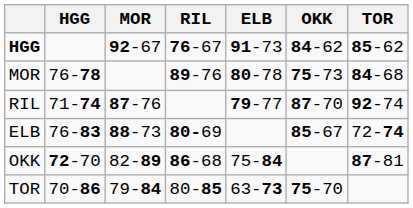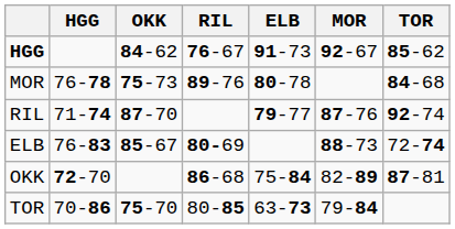 <table class="wikitable">
 <tr>
 <th></th>
 <th> HGG</th>
-<th> MOR</th>
+<th> OKK</th>
 <th> RIL</th>
 <th> ELB</th>
-<th> OKK</th>
+<th> MOR</th>
 <th> TOR</th>
 </tr>
 <tr>
 <td><strong> HGG</strong></td>
 <td></td>
-<td><strong>92</strong>-67</td>
+<td><strong>84</strong>-62</td>
 <td><strong>76</strong>-67</td>
 <td><strong>91</strong>-73</td>
-<td><strong>84</strong>-62</td>
+<td><strong>92</strong>-67</td>
 <td><strong>85</strong>-62</td>
 </tr>
 <tr>
 <td> MOR</td>
 <td>76-<strong>78</strong></td>
-<td></td>
+<td><strong>75</strong>-73</td>
 <td><strong>89</strong>-76</td>
 <td><strong>80</strong>-78</td>
-<td><strong>75</strong>-73</td>
+<td></td>
 <td><strong>84</strong>-68</td>
 </tr>
 <tr>
 <td> RIL</td>
 <td>71-<strong>74</strong></td>
-<td><strong>87</strong>-76</td>
+<td><strong>87</strong>-70</td>
 <td></td>
 <td><strong>79</strong>-77</td>
-<td><strong>87</strong>-70</td>
+<td><strong>87</strong>-76</td>
 <td><strong>92</strong>-74</td>
 </tr>
 <tr>
 <td> ELB</td>
 <td>76-<strong>83</strong></td>
-<td><strong>88</strong>-73</td>
+<td><strong>85</strong>-67</td>
 <td><strong>80-</strong>69</td>
 <td></td>
-<td><strong>85</strong>-67</td>
+<td><strong>88</strong>-73</td>
 <td>72-<strong>74</strong></td>
 </tr>
 <tr>
 <td> OKK</td>
 <td><strong>72</strong>-70</td>
-<td>82-<strong>89</strong></td>
+<td></td>
 <td><strong>86</strong>-68</td>
 <td>75-<strong>84</strong></td>
-<td></td>
+<td>82-<strong>89</strong></td>
 <td><strong>87</strong>-81</td>
 </tr>
 <tr>
 <td> TOR</td>
 <td>70-<strong>86</strong></td>
-<td>79-<strong>84</strong></td>
+<td><strong>75</strong>-70</td>
 <td>80-<strong>85</strong></td>
 <td>63-<strong>73</strong></td>
-<td><strong>75</strong>-70</td>
+<td>79-<strong>84</strong></td>
 <td></td>
 </tr>
 </table>
